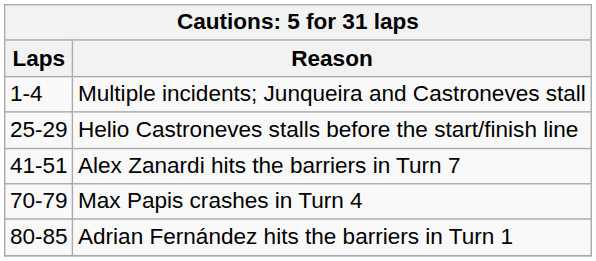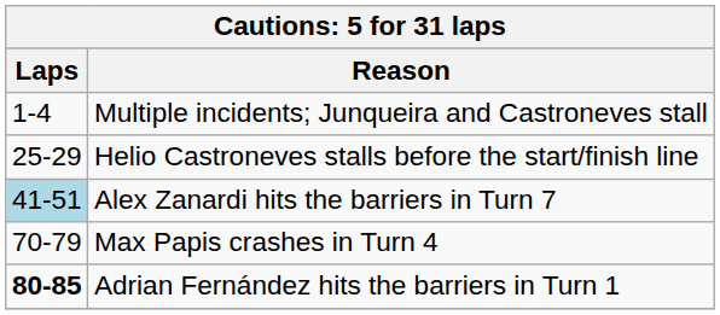 <table class="wikitable">
 <tr>
 <th colspan=2>Cautions: 5 for 31 laps</th>
 </tr>
 <tr>
 <th>Laps</th>
 <th>Reason</th>
 </tr>
 <tr>
 <td>1-4</td>
 <td>Multiple incidents; Junqueira and Castroneves stall</td>
 </tr>
 <tr>
 <td>25-29</td>
 <td>Helio Castroneves stalls before the start/finish line</td>
 </tr>
 <tr>
-<td>41-51</td>
+<td style="background: lightblue;">41-51</td>
 <td>Alex Zanardi hits the barriers in Turn 7</td>
 </tr>
 <tr>
 <td>70-79</td>
 <td>Max Papis crashes in Turn 4</td>
 </tr>
 <tr>
-<td>80-85</td>
+<td><strong>80-85</strong></td>
 <td>Adrian Fernández hits the barriers in Turn 1</td>
 </tr>
 <tr>
 </tr>
 </table>
